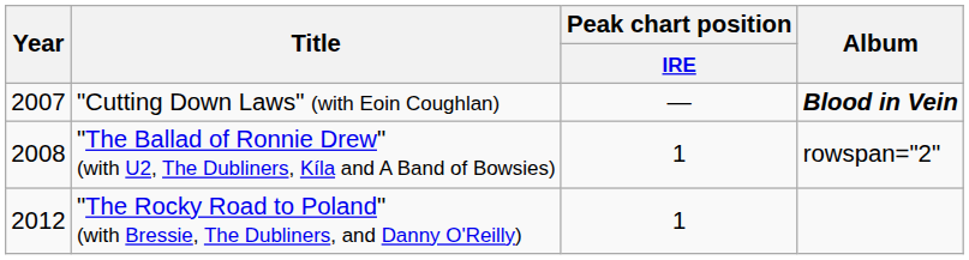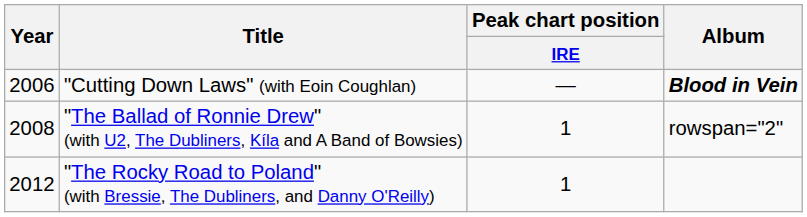 <table class="wikitable">
 <tr>
 <th rowspan=2>Year</th>
 <th rowspan=2>Title</th>
 <th>Peak chart position</th>
 <th rowspan=2>Album</th>
 </tr>
 <tr>
 <th><small><a href='#'>IRE</a></small></th>
 </tr>
 <tr>
-<td align="center">2007</td>
+<td align="center">2006</td>
 <td>"Cutting Down Laws" <small>(with Eoin Coughlan)</small></td>
 <td align="center">—</td>
 <td><strong><em>Blood in Vein</em></strong></td>
 </tr>
 <tr>
 <td align="center">2008</td>
 <td>"<a href='#'>The Ballad of Ronnie Drew</a>" <br><small>(with <a href='#'>U2</a>, <a href='#'>The Dubliners</a>, <a href='#'>Kíla</a> and A Band of Bowsies)</small></td>
 <td align="center">1</td>
 <td>rowspan="2" </td>
 </tr>
 <tr>
 <td align="center">2012</td>
 <td>"<a href='#'>The Rocky Road to Poland</a>" <br><small>(with <a href='#'>Bressie</a>, <a href='#'>The Dubliners</a>, and <a href='#'>Danny O'Reilly</a>)</small></td>
 <td align="center">1</td>
 </tr>
 </table>
